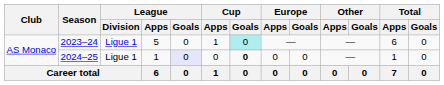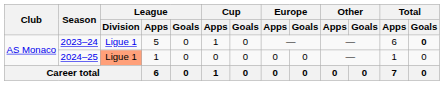 <table class="wikitable" style="text-align: center;">
 <tr>
 <th rowspan="2">Club</th>
 <th rowspan="2">Season</th>
 <th colspan="3">League</th>
 <th colspan="2">Cup</th>
 <th colspan="2">Europe</th>
 <th colspan="2">Other</th>
 <th colspan="2">Total</th>
 </tr>
 <tr>
 <th>Division</th>
 <th>Apps</th>
 <th>Goals</th>
 <th>Apps</th>
 <th>Goals</th>
 <th>Apps</th>
 <th>Goals</th>
 <th>Apps</th>
 <th>Goals</th>
 <th>Apps</th>
 <th>Goals</th>
 </tr>
 <tr>
 <td rowspan="2"><a href='#'>AS Monaco</a></td>
 <td><a href='#'>2023–24</a></td>
 <td><a href='#'>Ligue 1</a></td>
 <td>5</td>
 <td>0</td>
 <td>1</td>
-<td style="background: paleturquoise;">0</td>
+<td>0</td>
 <td colspan="2">—</td>
 <td colspan="2">—</td>
 <td>6</td>
-<td>0</td>
+<td><strong>0</strong></td>
 </tr>
 <tr>
 <td><a href='#'>2024–25</a></td>
-<td>Ligue 1</td>
+<td style="background: lightsalmon;">Ligue 1</td>
 <td>1</td>
-<td style="background: lavender;">0</td>
 <td>0</td>
-<td><strong>0</strong></td>
+<td>0</td>
+<td>0</td>
 <td>0</td>
 <td>0</td>
 <td colspan="2">—</td>
 <td>1</td>
 <td>0</td>
 </tr>
 <tr>
 <th colspan="3">Career total</th>
 <th>6</th>
 <th>0</th>
 <th>1</th>
 <th>0</th>
 <th>0</th>
 <th>0</th>
 <th>0</th>
 <th>0</th>
 <th>7</th>
 <th>0</th>
 </tr>
 </table>
